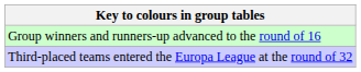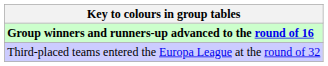 <table class="wikitable">
 <tr>
 <th>Key to colours in group tables</th>
 </tr>
 <tr bgcolor=#ccffcc>
-<td>Group winners and runners-up advanced to the <a href='#'>round of 16</a></td>
+<td><strong>Group winners and runners-up advanced to the <a href='#'>round of 16</a></strong></td>
 </tr>
 <tr bgcolor=#ccccff>
 <td>Third-placed teams entered the <a href='#'>Europa League</a> at the <a href='#'>round of 32</a></td>
 </tr>
 </table>
